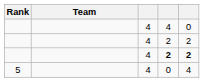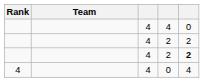 <table class="wikitable" style="text-align:center; font-size:90%;">
 <tr>
 <th width=35>Rank</th>
 <th width=160>Team</th>
 <th width=25></th>
 <th width=25></th>
 <th width=25></th>
 </tr>
 <tr>
 <td></td>
 <td align="left"></td>
 <td>4</td>
 <td>4</td>
 <td>0</td>
 </tr>
 <tr>
 <td></td>
 <td align="left"></td>
 <td>4</td>
 <td>2</td>
 <td>2</td>
 </tr>
 <tr>
 <td></td>
 <td align="left"></td>
 <td>4</td>
-<td><strong>2</strong></td>
+<td>2</td>
 <td><strong>2</strong></td>
 </tr>
 <tr>
-<td>5</td>
+<td>4</td>
 <td align="left"></td>
 <td>4</td>
 <td>0</td>
 <td>4</td>
 </tr>
 </table>
